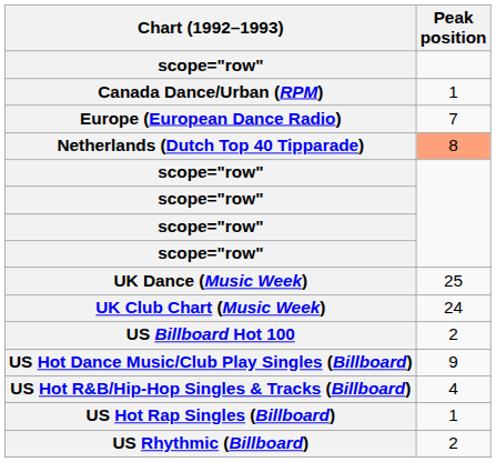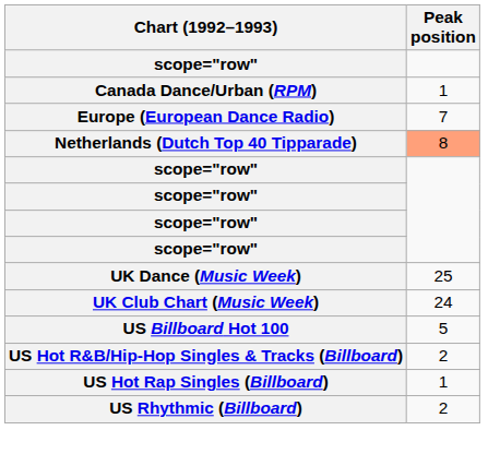 <table class="wikitable sortable plainrowheaders" style="text-align:center;">
 <tr>
 <th>Chart (1992–1993)</th>
 <th>Peak<br>position</th>
 </tr>
 <tr>
 <th>scope="row"</th>
 </tr>
 <tr>
 <th scope="row">Canada Dance/Urban (<em><a href='#'>RPM</a></em>)</th>
 <td align="center">1</td>
 </tr>
 <tr>
 <th scope="row">Europe (<a href='#'>European Dance Radio</a>)</th>
 <td align="center">7</td>
 </tr>
 <tr>
 <th scope="row">Netherlands (<a href='#'>Dutch Top 40 Tipparade</a>)</th>
 <td align="center" style="background: lightsalmon;">8</td>
 </tr>
 <tr>
 <th>scope="row"</th>
 </tr>
 <tr>
 <th>scope="row"</th>
 </tr>
 <tr>
 <th>scope="row"</th>
 </tr>
 <tr>
 <th>scope="row"</th>
 </tr>
 <tr>
 <th scope="row">UK Dance (<em><a href='#'>Music Week</a></em>)</th>
 <td align="center">25</td>
 </tr>
 <tr>
 <th scope="row"><a href='#'>UK Club Chart</a> (<em><a href='#'>Music Week</a></em>)</th>
 <td align="center">24</td>
 </tr>
 <tr>
 <th scope="row">US <a href='#'><em>Billboard</em> Hot 100</a></th>
-<td align="center">2</td>
-</tr>
-<tr>
-<th scope="row">US <a href='#'>Hot Dance Music/Club Play Singles</a> (<em><a href='#'>Billboard</a></em>)</th>
-<td align="center">9</td>
+<td align="center">5</td>
 </tr>
 <tr>
 <th scope="row">US <a href='#'>Hot R&B/Hip-Hop Singles & Tracks</a> (<em><a href='#'>Billboard</a></em>)</th>
-<td align="center">4</td>
+<td align="center">2</td>
 </tr>
 <tr>
 <th scope="row">US <a href='#'>Hot Rap Singles</a> (<em><a href='#'>Billboard</a></em>)</th>
 <td align="center">1</td>
 </tr>
 <tr>
 <th scope="row">US <a href='#'>Rhythmic</a> (<em><a href='#'>Billboard</a></em>)</th>
 <td align="center">2</td>
 </tr>
 </table>
